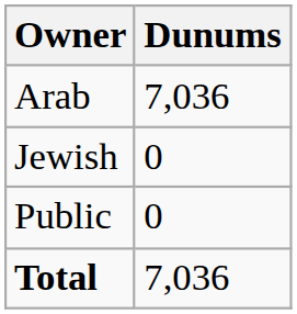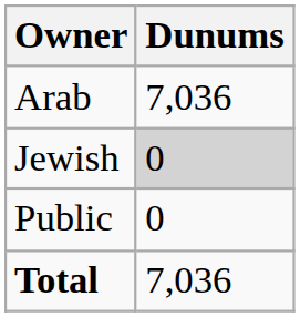 <table class="wikitable">
 <tr>
 <th>Owner</th>
 <th>Dunums</th>
 </tr>
 <tr>
 <td>Arab</td>
 <td>7,036</td>
 </tr>
 <tr>
 <td>Jewish</td>
-<td>0</td>
+<td style="background: lightgrey;">0</td>
 </tr>
 <tr>
 <td>Public</td>
 <td>0</td>
 </tr>
 <tr>
 <td><strong>Total</strong></td>
 <td>7,036</td>
 </tr>
 </table>
